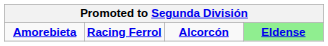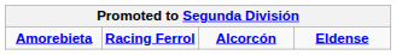 <table class="wikitable" style="text-align: center; margin: 0 auto;">
 <tr>
 <th colspan="4">Promoted to <a href='#'>Segunda División</a></th>
 </tr>
 <tr>
 <td width=25%><strong><a href='#'>Amorebieta</a></strong><br></td>
 <td width=25%><strong><a href='#'>Racing Ferrol</a></strong><br></td>
 <td width=25%><strong><a href='#'>Alcorcón</a></strong><br></td>
-<td width=25% style="background: lightgreen;"><strong><a href='#'>Eldense</a></strong><br></td>
+<td width=25%><strong><a href='#'>Eldense</a></strong><br></td>
 </tr>
 </table>
